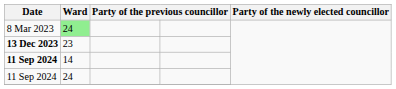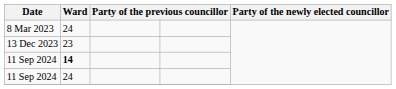 <table class="wikitable">
 <tr>
 <th>Date</th>
 <th>Ward</th>
 <th colspan=2>Party of the previous councillor</th>
 <th colspan=2>Party of the newly elected councillor</th>
 </tr>
 <tr>
 <td>8 Mar 2023</td>
-<td style="background: lightgreen;">24</td>
+<td>24</td>
 <td></td>
 <td></td>
 </tr>
 <tr>
-<td><strong>13 Dec 2023</strong></td>
+<td>13 Dec 2023</td>
 <td>23</td>
 <td></td>
 <td></td>
 </tr>
 <tr>
-<td><strong>11 Sep 2024</strong></td>
-<td>14</td>
+<td>11 Sep 2024</td>
+<td><strong>14</strong></td>
 <td></td>
 <td></td>
 </tr>
 <tr>
 <td>11 Sep 2024</td>
 <td>24</td>
 <td></td>
 <td></td>
 </tr>
 <tr>
 </tr>
 </table>
